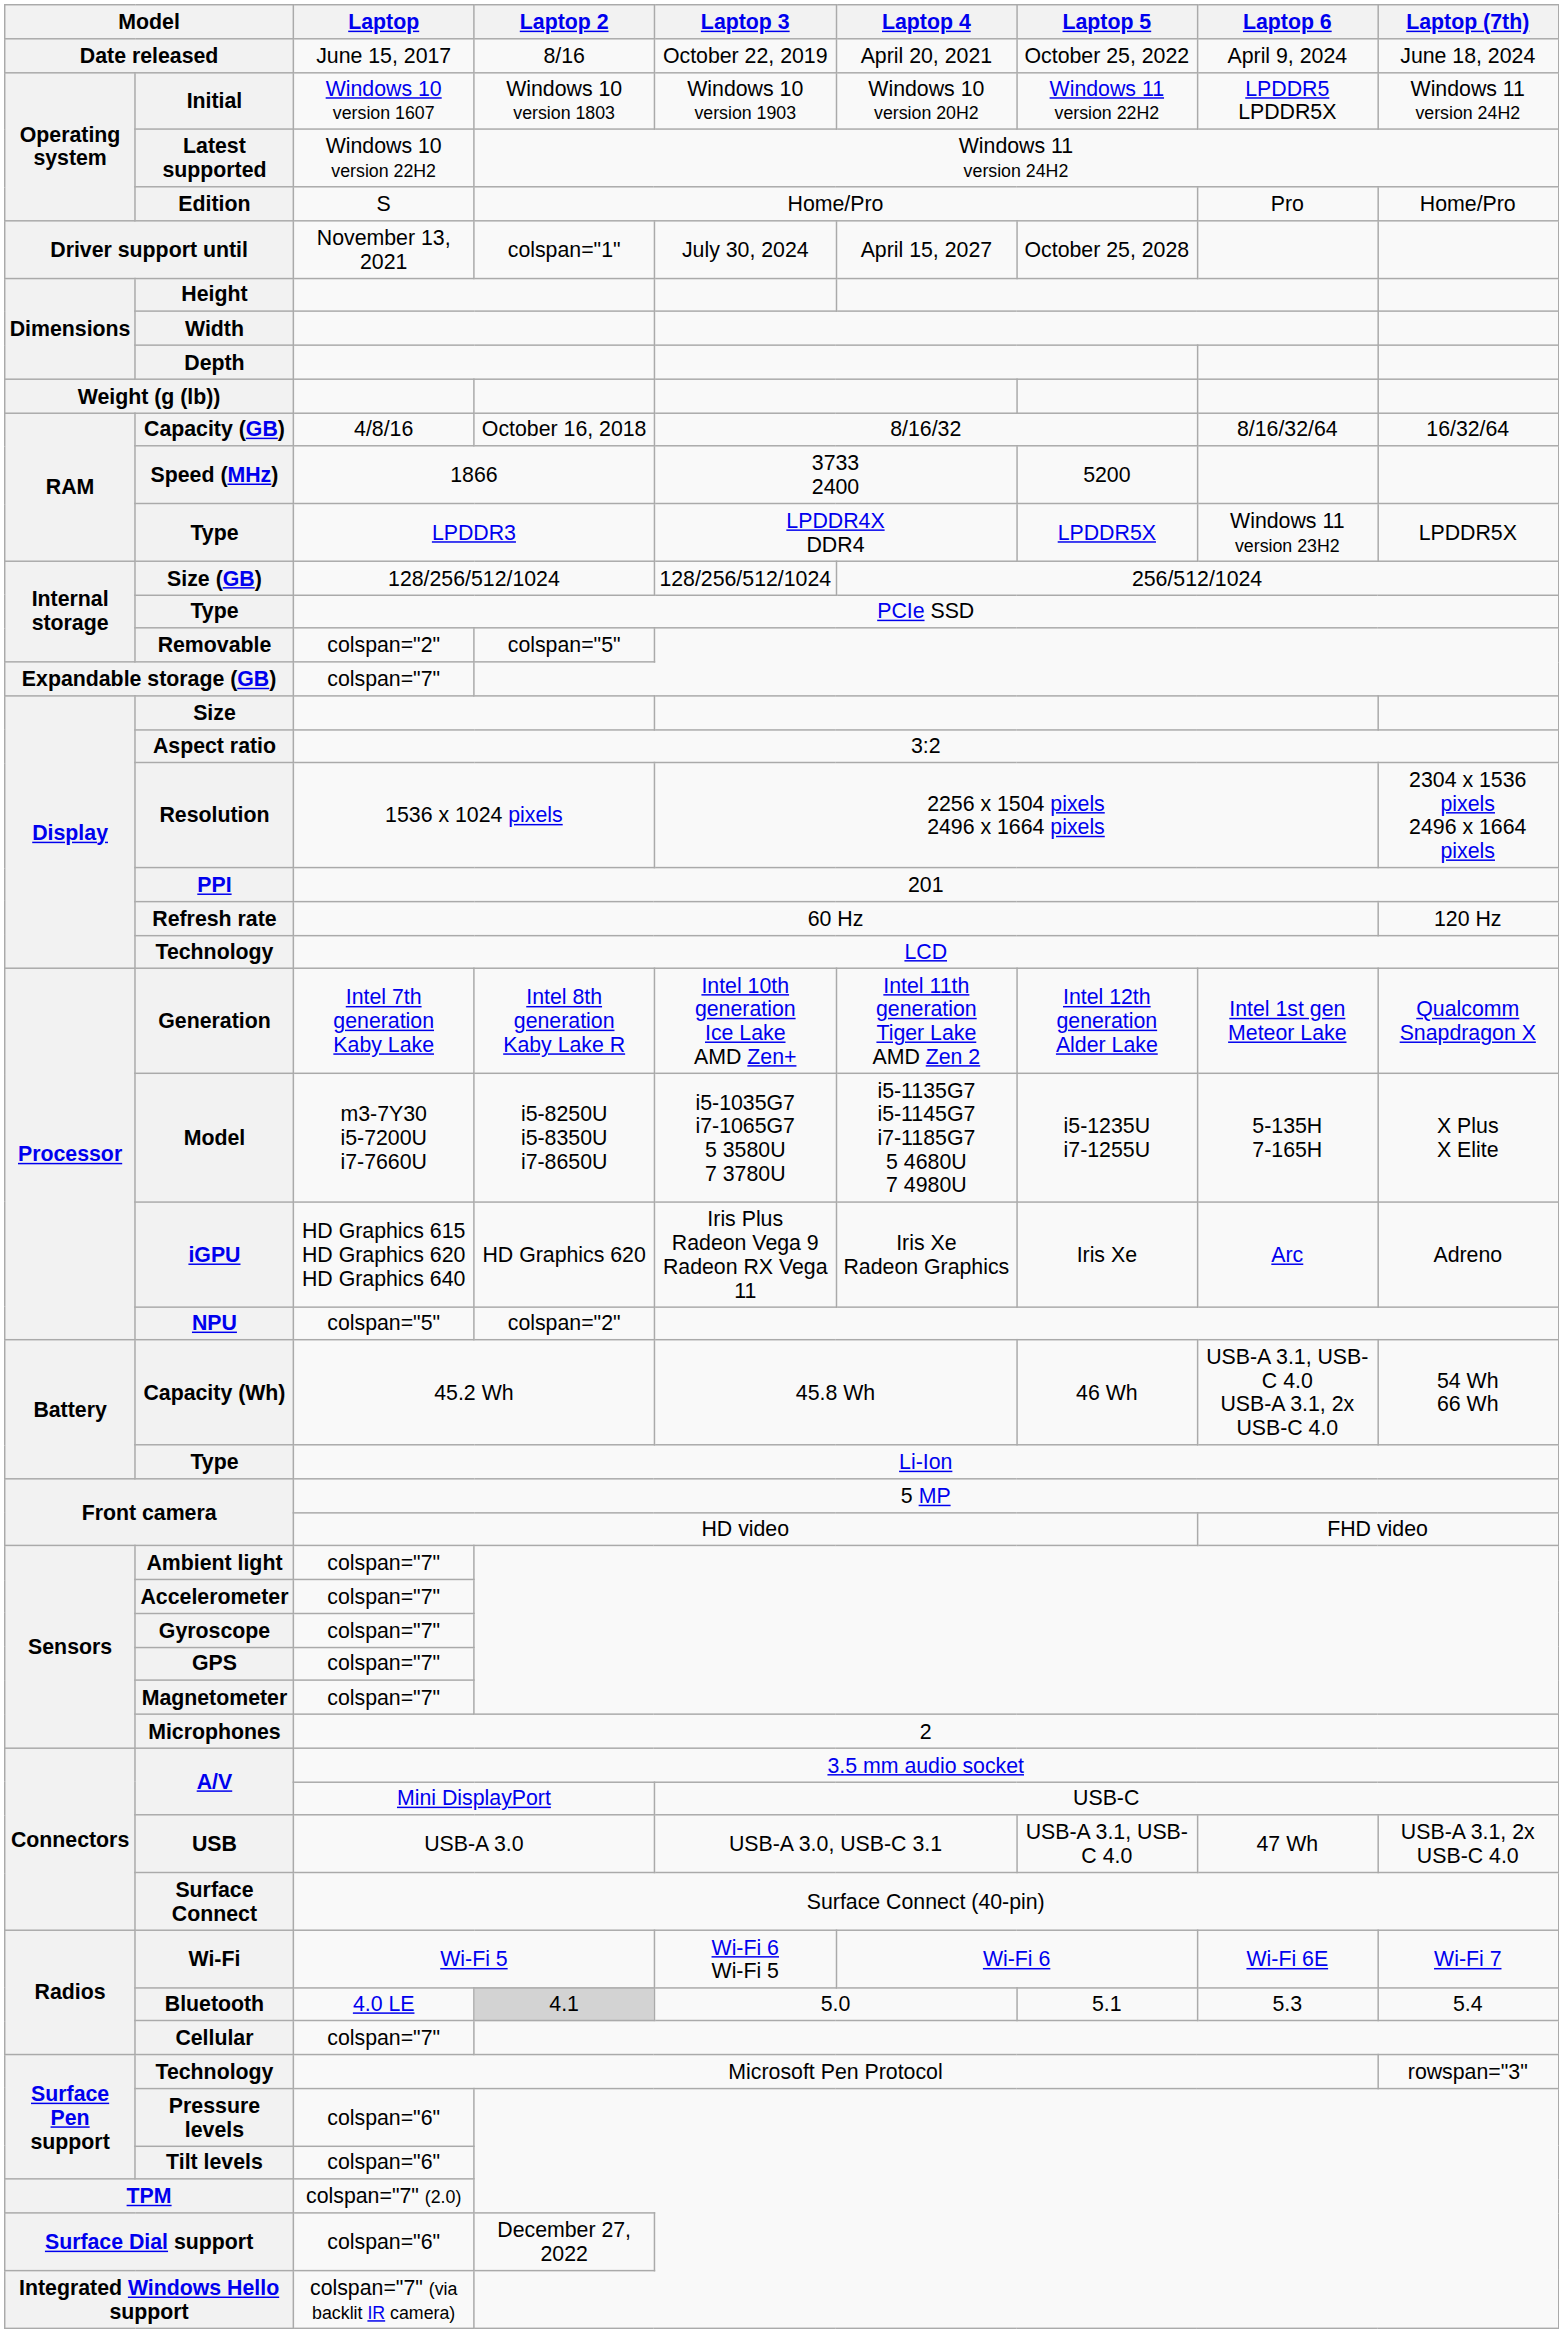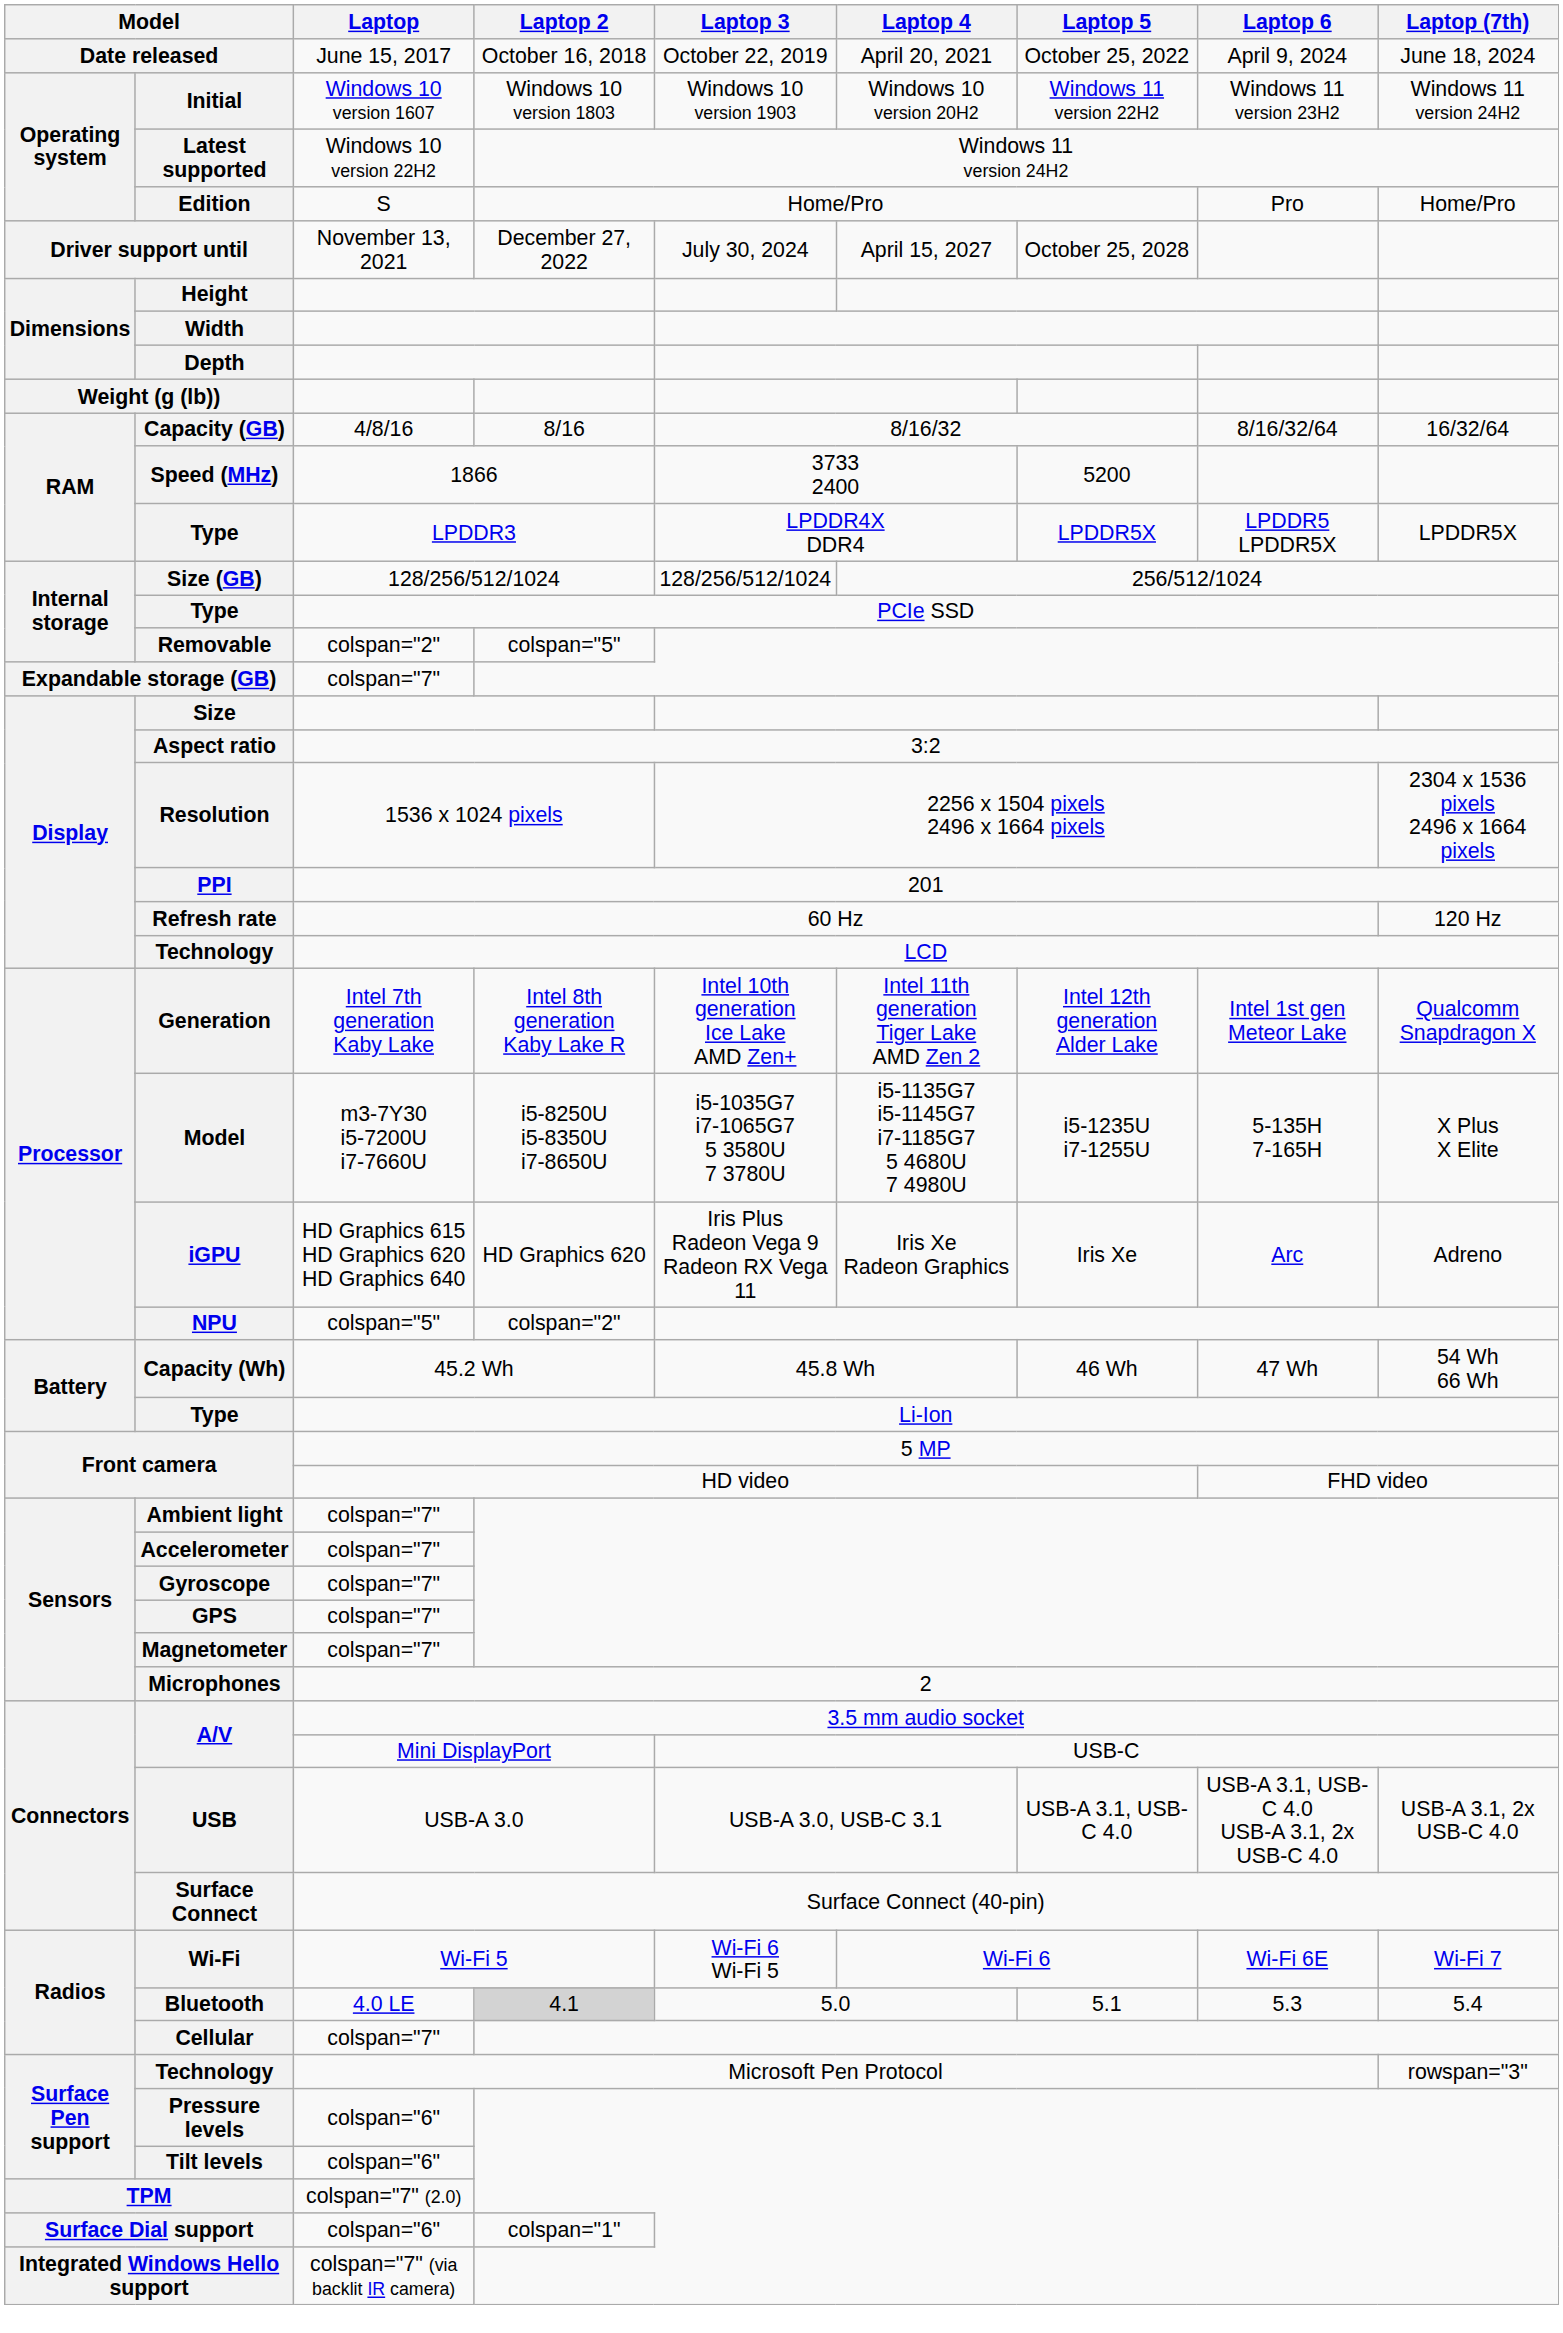 <table class="wikitable mw-collapsible" style="text-align:center; font-size:90%; min-width:20em;">
 <tr>
 <th colspan="2">Model</th>
 <th style="min-width: 8em"><a href='#'>Laptop</a></th>
 <th style="min-width: 8em"><a href='#'>Laptop 2</a></th>
 <th style="min-width: 8em"><a href='#'>Laptop 3</a></th>
 <th style="min-width: 8em"><a href='#'>Laptop 4</a></th>
 <th style="min-width: 8em"><a href='#'>Laptop 5</a></th>
 <th style="min-width: 8em"><a href='#'>Laptop 6</a></th>
 <th style="min-width: 8em"><a href='#'>Laptop (7th)</a></th>
 </tr>
 <tr>
 <th colspan="2">Date released</th>
 <td>June 15, 2017</td>
-<td>8/16</td>
+<td>October 16, 2018</td>
 <td>October 22, 2019</td>
 <td>April 20, 2021</td>
 <td>October 25, 2022</td>
 <td>April 9, 2024</td>
 <td>June 18, 2024</td>
 </tr>
 <tr>
 <th rowspan="3">Operating system</th>
 <th>Initial</th>
 <td><a href='#'>Windows 10</a><br> <small>version 1607</small></td>
 <td>Windows 10<br> <small>version 1803</small></td>
 <td>Windows 10<br> <small>version 1903</small></td>
 <td>Windows 10<br> <small>version 20H2</small></td>
 <td><a href='#'>Windows 11</a><br> <small>version 22H2</small></td>
-<td><a href='#'>LPDDR5</a><br>LPDDR5X</td>
+<td>Windows 11<br> <small>version 23H2</small></td>
 <td>Windows 11<br> <small>version 24H2</small></td>
 </tr>
 <tr>
 <th>Latest supported</th>
 <td colspan="1">Windows 10 <br> <small>version 22H2</small></td>
 <td colspan="6">Windows 11 <br> <small>version 24H2</small></td>
 </tr>
 <tr>
 <th>Edition</th>
 <td>S</td>
 <td colspan="4">Home/Pro</td>
 <td>Pro</td>
 <td>Home/Pro</td>
 </tr>
 <tr>
 <th colspan="2">Driver support until</th>
 <td>November 13, 2021</td>
-<td>colspan="1" </td>
+<td>December 27, 2022</td>
 <td>July 30, 2024</td>
 <td>April 15, 2027</td>
 <td>October 25, 2028</td>
 <td></td>
 <td></td>
 </tr>
 <tr>
 <th rowspan="3">Dimensions <br> </th>
 <th>Height</th>
 <td colspan="2"></td>
 <td><br></td>
 <td colspan="3"><br></td>
 <td colspan="3"><br></td>
 </tr>
 <tr>
 <th>Width</th>
 <td colspan="2"></td>
 <td colspan="4"><br></td>
 <td colspan="4"><br></td>
 </tr>
 <tr>
 <th>Depth</th>
 <td colspan="2"></td>
 <td colspan="3"><br></td>
 <td><br></td>
 <td><br></td>
 </tr>
 <tr>
 <th colspan="2">Weight (g (lb))</th>
 <td></td>
 <td></td>
 <td colspan="2"><br></td>
 <td><br></td>
 <td><br></td>
 <td><br></td>
 </tr>
 <tr>
 <th rowspan="3">RAM</th>
 <th>Capacity (<a href='#'>GB</a>)</th>
 <td>4/8/16</td>
-<td>October 16, 2018</td>
+<td>8/16</td>
 <td colspan="3">8/16/32</td>
 <td>8/16/32/64</td>
 <td>16/32/64</td>
 </tr>
 <tr>
 <th>Speed (<a href='#'>MHz</a>)</th>
 <td colspan="2">1866</td>
 <td colspan="2">3733 <br> 2400</td>
 <td>5200</td>
 <td></td>
 <td></td>
 </tr>
 <tr>
 <th>Type</th>
 <td colspan="2"><a href='#'>LPDDR3</a></td>
 <td colspan="2"><a href='#'>LPDDR4X</a><br>DDR4</td>
 <td><a href='#'>LPDDR5X</a></td>
-<td>Windows 11<br> <small>version 23H2</small></td>
+<td><a href='#'>LPDDR5</a><br>LPDDR5X</td>
 <td>LPDDR5X</td>
 </tr>
 <tr>
 <th rowspan="3">Internal storage</th>
 <th>Size (<a href='#'>GB</a>)</th>
 <td colspan="2">128/256/512/1024</td>
 <td>128/256/512/1024</td>
 <td colspan="4">256/512/1024</td>
 </tr>
 <tr>
 <th>Type</th>
 <td colspan="7"><a href='#'>PCIe</a> SSD</td>
 </tr>
 <tr>
 <th>Removable</th>
 <td>colspan="2" </td>
 <td>colspan="5" </td>
 </tr>
 <tr>
 <th colspan="2">Expandable storage (<a href='#'>GB</a>)</th>
 <td>colspan="7" </td>
 </tr>
 <tr>
 <th rowspan="6"><a href='#'>Display</a></th>
 <th>Size</th>
 <td colspan="2"></td>
 <td colspan="4"><br></td>
 <td colspan="1"><br></td>
 </tr>
 <tr>
 <th>Aspect ratio</th>
 <td colspan="7">3:2</td>
 </tr>
 <tr>
 <th>Resolution</th>
 <td colspan="2">1536 x 1024 <a href='#'>pixels</a></td>
 <td colspan="4">2256 x 1504 <a href='#'>pixels</a><br>2496 x 1664 <a href='#'>pixels</a></td>
 <td colspan="1">2304 x 1536 <a href='#'>pixels</a><br>2496 x 1664 <a href='#'>pixels</a></td>
 </tr>
 <tr>
 <th><a href='#'>PPI</a></th>
 <td colspan="7">201</td>
 </tr>
 <tr>
 <th>Refresh rate</th>
 <td colspan="6">60 Hz</td>
 <td colspan="1">120 Hz</td>
 </tr>
 <tr>
 <th>Technology</th>
 <td colspan="7"><a href='#'>LCD</a></td>
 </tr>
 <tr>
 <th rowspan="4"><a href='#'>Processor</a></th>
 <th>Generation</th>
 <td><a href='#'>Intel 7th generation <br> Kaby Lake</a></td>
 <td><a href='#'>Intel 8th generation <br> Kaby Lake R</a></td>
 <td><a href='#'>Intel 10th generation <br> Ice Lake</a><br>AMD <a href='#'>Zen+</a></td>
 <td><a href='#'>Intel 11th generation <br> Tiger Lake</a><br>AMD <a href='#'>Zen 2</a></td>
 <td><a href='#'>Intel 12th generation <br> Alder Lake</a></td>
 <td><a href='#'>Intel 1st gen<br>Meteor Lake</a></td>
 <td><a href='#'>Qualcomm<br>Snapdragon X</a></td>
 </tr>
 <tr>
 <th>Model</th>
 <td>m3-7Y30<br>i5-7200U<br>i7-7660U</td>
 <td>i5-8250U<br>i5-8350U<br>i7-8650U</td>
 <td>i5-1035G7<br>i7-1065G7<br>5 3580U<br>7 3780U</td>
 <td>i5-1135G7<br>i5-1145G7<br>i7-1185G7<br>5 4680U<br>7 4980U</td>
 <td>i5-1235U<br>i7-1255U</td>
 <td>5-135H<br>7-165H</td>
 <td>X Plus<br>X Elite</td>
 </tr>
 <tr>
 <th><a href='#'>iGPU</a></th>
 <td>HD Graphics 615<br>HD Graphics 620<br>HD Graphics 640</td>
 <td>HD Graphics 620</td>
 <td>Iris Plus<br>Radeon Vega 9<br>Radeon RX Vega 11</td>
 <td>Iris Xe<br>Radeon Graphics</td>
 <td>Iris Xe</td>
 <td><a href='#'>Arc</a></td>
 <td>Adreno</td>
 </tr>
 <tr>
 <th><a href='#'>NPU</a></th>
 <td>colspan="5" </td>
 <td>colspan="2" </td>
 </tr>
 <tr>
 <th rowspan="2">Battery</th>
 <th>Capacity (Wh)</th>
 <td colspan="2">45.2 Wh</td>
 <td colspan="2">45.8 Wh</td>
 <td>46 Wh</td>
-<td colspan="1">USB-A 3.1, USB-C 4.0<br>USB-A 3.1, 2x USB-C 4.0</td>
+<td>47 Wh</td>
 <td>54 Wh<br>66 Wh</td>
 </tr>
 <tr>
 <th>Type</th>
 <td colspan="7"><a href='#'>Li-Ion</a></td>
 </tr>
 <tr>
 <th colspan="2" rowspan="2">Front camera</th>
 <td colspan="7">5 <a href='#'>MP</a></td>
 </tr>
 <tr>
 <td colspan="5">HD video</td>
 <td colspan="2">FHD video</td>
 </tr>
 <tr>
 <th rowspan="6">Sensors</th>
 <th>Ambient light</th>
 <td>colspan="7" </td>
 </tr>
 <tr>
 <th>Accelerometer</th>
 <td>colspan="7" </td>
 </tr>
 <tr>
 <th>Gyroscope</th>
 <td>colspan="7" </td>
 </tr>
 <tr>
 <th>GPS</th>
 <td>colspan="7" </td>
 </tr>
 <tr>
 <th>Magnetometer</th>
 <td>colspan="7" </td>
 </tr>
 <tr>
 <th>Microphones</th>
 <td colspan="7">2</td>
 </tr>
 <tr>
 <th rowspan="4">Connectors</th>
 <th rowspan="2"><a href='#'>A/V</a></th>
 <td colspan="7"><a href='#'>3.5 mm audio socket</a></td>
 </tr>
 <tr>
 <td colspan="2"><a href='#'>Mini DisplayPort</a></td>
 <td colspan="5">USB-C</td>
 </tr>
 <tr>
 <th>USB</th>
 <td colspan="2">USB-A 3.0</td>
 <td colspan="2">USB-A 3.0, USB-C 3.1</td>
 <td colspan="1">USB-A 3.1, USB-C 4.0</td>
-<td>47 Wh</td>
+<td colspan="1">USB-A 3.1, USB-C 4.0<br>USB-A 3.1, 2x USB-C 4.0</td>
 <td colspan="1">USB-A 3.1, 2x USB-C 4.0</td>
 </tr>
 <tr>
 <th>Surface Connect</th>
 <td colspan="7">Surface Connect (40-pin)</td>
 </tr>
 <tr>
 <th rowspan="3">Radios</th>
 <th>Wi-Fi</th>
 <td colspan="2"><a href='#'>Wi-Fi 5</a></td>
 <td><a href='#'>Wi-Fi 6</a><br>Wi-Fi 5</td>
 <td colspan="2"><a href='#'>Wi-Fi 6</a></td>
 <td><a href='#'>Wi-Fi 6E</a></td>
 <td><a href='#'>Wi-Fi 7</a></td>
 </tr>
 <tr>
 <th>Bluetooth</th>
 <td><a href='#'>4.0 LE</a></td>
 <td style="background: lightgrey;">4.1</td>
 <td colspan="2">5.0</td>
 <td>5.1</td>
 <td>5.3</td>
 <td>5.4</td>
 </tr>
 <tr>
 <th>Cellular</th>
 <td>colspan="7" </td>
 </tr>
 <tr>
 <th rowspan="3"><a href='#'>Surface Pen</a> support</th>
 <th>Technology</th>
 <td colspan="6">Microsoft Pen Protocol</td>
 <td>rowspan="3" </td>
 </tr>
 <tr>
 <th>Pressure levels</th>
 <td>colspan="6" </td>
 </tr>
 <tr>
 <th>Tilt levels</th>
 <td>colspan="6" </td>
 </tr>
 <tr>
 <th colspan="2"><a href='#'>TPM</a></th>
 <td>colspan="7"  <small>(2.0)</small></td>
 </tr>
 <tr>
 <th colspan="2"><a href='#'>Surface Dial</a> support</th>
 <td>colspan="6" </td>
-<td>December 27, 2022</td>
+<td>colspan="1" </td>
 </tr>
 <tr>
 <th colspan="2">Integrated <a href='#'>Windows Hello</a> support</th>
 <td>colspan="7"  <small>(via backlit <a href='#'>IR</a> camera)</small></td>
 </tr>
 </table>
